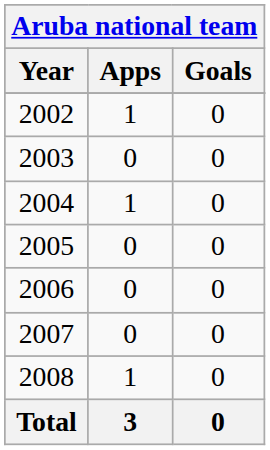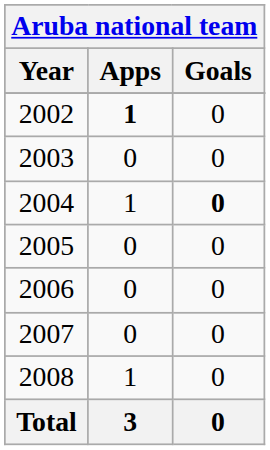 <table class="wikitable" style="text-align:center">
 <tr>
 <th colspan=3><a href='#'>Aruba national team</a></th>
 </tr>
 <tr>
 <th>Year</th>
 <th>Apps</th>
 <th>Goals</th>
 </tr>
 <tr>
 </tr>
 <tr>
 <td>2002</td>
-<td>1</td>
+<td><strong>1</strong></td>
 <td>0</td>
 </tr>
 <tr>
 <td>2003</td>
 <td>0</td>
 <td>0</td>
 </tr>
 <tr>
 <td>2004</td>
 <td>1</td>
-<td>0</td>
+<td><strong>0</strong></td>
 </tr>
 <tr>
 <td>2005</td>
 <td>0</td>
 <td>0</td>
 </tr>
 <tr>
 <td>2006</td>
 <td>0</td>
 <td>0</td>
 </tr>
 <tr>
 <td>2007</td>
 <td>0</td>
 <td>0</td>
 </tr>
 <tr>
 <td>2008</td>
 <td>1</td>
 <td>0</td>
 </tr>
 <tr>
 <th>Total</th>
 <th>3</th>
 <th>0</th>
 </tr>
 </table>
